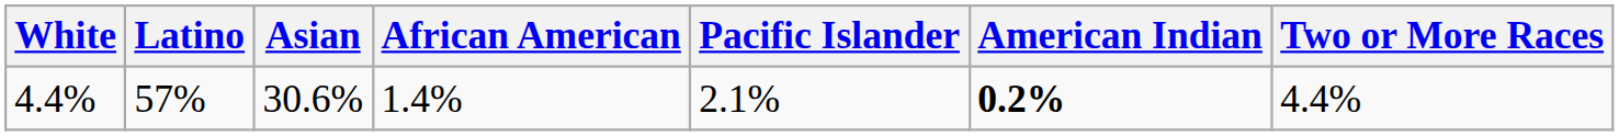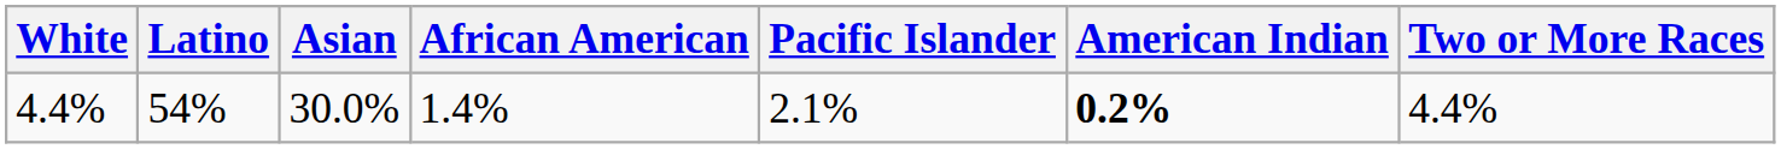 <table class="wikitable">
 <tr>
 <th><a href='#'>White</a></th>
 <th><a href='#'>Latino</a></th>
 <th><a href='#'>Asian</a></th>
 <th><a href='#'>African American</a></th>
 <th><a href='#'>Pacific Islander</a></th>
 <th><a href='#'>American Indian</a></th>
 <th><a href='#'>Two or More Races</a></th>
 </tr>
 <tr>
 <td>4.4%</td>
-<td>57%</td>
-<td>30.6%</td>
+<td>54%</td>
+<td>30.0%</td>
 <td>1.4%</td>
 <td>2.1%</td>
 <td><strong>0.2%</strong></td>
 <td>4.4%</td>
 </tr>
 </table>
